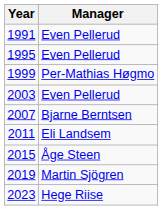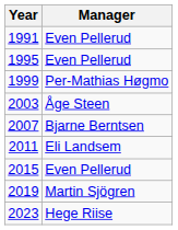 <table class="wikitable">
 <tr>
 <th>Year</th>
 <th>Manager</th>
 </tr>
 <tr>
 <td align=center><a href='#'>1991</a></td>
 <td> <a href='#'>Even Pellerud</a></td>
 </tr>
 <tr>
 <td align=center><a href='#'>1995</a></td>
 <td> <a href='#'>Even Pellerud</a></td>
 </tr>
 <tr>
 <td align=center><a href='#'>1999</a></td>
 <td> <a href='#'>Per-Mathias Høgmo</a></td>
 </tr>
 <tr>
 <td align=center><a href='#'>2003</a></td>
-<td> <a href='#'>Even Pellerud</a></td>
+<td> <a href='#'>Åge Steen</a></td>
 </tr>
 <tr>
 <td align=center><a href='#'>2007</a></td>
 <td> <a href='#'>Bjarne Berntsen</a></td>
 </tr>
 <tr>
 <td align=center><a href='#'>2011</a></td>
 <td> <a href='#'>Eli Landsem</a></td>
 </tr>
 <tr>
 <td align=center><a href='#'>2015</a></td>
-<td> <a href='#'>Åge Steen</a></td>
+<td> <a href='#'>Even Pellerud</a></td>
 </tr>
 <tr>
 <td align=center><a href='#'>2019</a></td>
 <td> <a href='#'>Martin Sjögren</a></td>
 </tr>
 <tr>
 <td align=center><a href='#'>2023</a></td>
 <td> <a href='#'>Hege Riise</a></td>
 </tr>
 </table>
